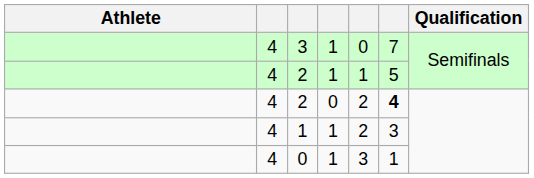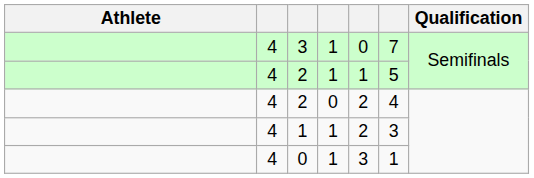 <table class="wikitable sortable" style="text-align:center">
 <tr>
 <th width=220>Athlete</th>
 <th width=20></th>
 <th width=20></th>
 <th width=20></th>
 <th width=20></th>
 <th width=20></th>
 <th width=100>Qualification</th>
 </tr>
 <tr bgcolor="#ccffcc">
 <td style="text-align:left;"></td>
 <td>4</td>
 <td>3</td>
 <td>1</td>
 <td>0</td>
 <td>7</td>
 <td rowspan="2">Semifinals</td>
 </tr>
 <tr bgcolor="#ccffcc">
 <td style="text-align:left;"></td>
 <td>4</td>
 <td>2</td>
 <td>1</td>
 <td>1</td>
 <td>5</td>
 </tr>
 <tr>
 <td style="text-align:left;"></td>
 <td>4</td>
 <td>2</td>
 <td>0</td>
 <td>2</td>
-<td><strong>4</strong></td>
+<td>4</td>
 <td rowspan="3" colspan="3" align="center" style="vertical-align:middle;"></td>
 </tr>
 <tr>
 <td style="text-align:left;"></td>
 <td>4</td>
 <td>1</td>
 <td>1</td>
 <td>2</td>
 <td>3</td>
 </tr>
 <tr>
 <td style="text-align:left;"></td>
 <td>4</td>
 <td>0</td>
 <td>1</td>
 <td>3</td>
 <td>1</td>
 </tr>
 </table>
